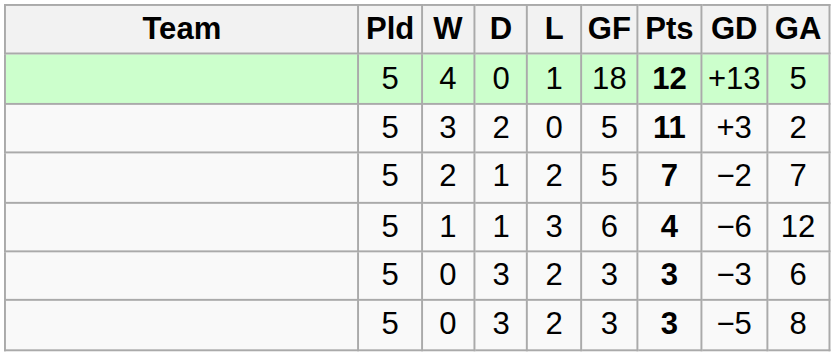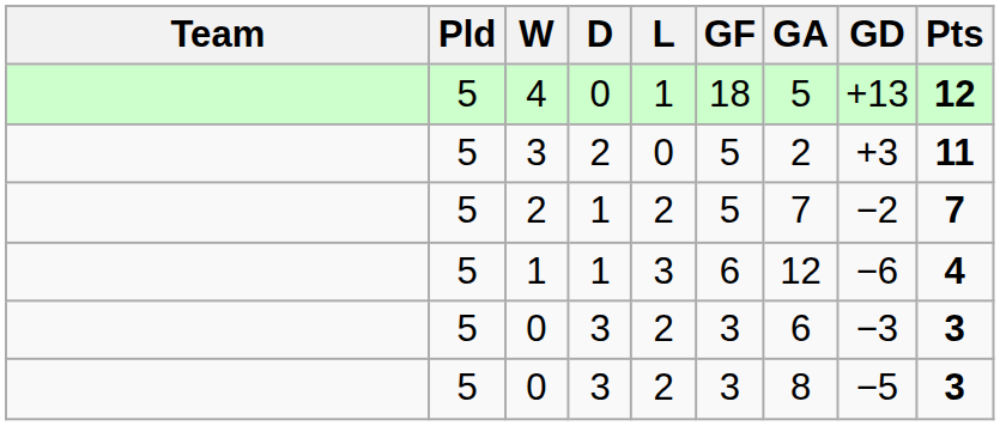 <table class="wikitable" style="text-align:center;">
 <tr>
 <th width=175>Team</th>
 <th width=20 abbr="Played">Pld</th>
 <th width=20 abbr="Won">W</th>
 <th width=20 abbr="Drawn">D</th>
 <th width=20 abbr="Lost">L</th>
 <th width=20 abbr="Goals for">GF</th>
+<th width=20 abbr="Goals against">GA</th>
+<th width=20 abbr="Goal difference">GD</th>
 <th width=20 abbr="Points">Pts</th>
-<th width=20 abbr="Goal difference">GD</th>
-<th width=20 abbr="Goals against">GA</th>
 </tr>
 <tr bgcolor=#ccffcc>
 <td align=left></td>
 <td>5</td>
 <td>4</td>
 <td>0</td>
 <td>1</td>
 <td>18</td>
+<td>5</td>
+<td>+13</td>
 <td><strong>12</strong></td>
-<td>+13</td>
-<td>5</td>
 </tr>
 <tr>
 <td align=left></td>
 <td>5</td>
 <td>3</td>
 <td>2</td>
 <td>0</td>
 <td>5</td>
+<td>2</td>
+<td>+3</td>
 <td><strong>11</strong></td>
-<td>+3</td>
-<td>2</td>
 </tr>
 <tr>
 <td align=left></td>
 <td>5</td>
 <td>2</td>
 <td>1</td>
 <td>2</td>
 <td>5</td>
+<td>7</td>
+<td>−2</td>
 <td><strong>7</strong></td>
-<td>−2</td>
-<td>7</td>
 </tr>
 <tr>
 <td align=left></td>
 <td>5</td>
 <td>1</td>
 <td>1</td>
 <td>3</td>
 <td>6</td>
+<td>12</td>
+<td>−6</td>
 <td><strong>4</strong></td>
-<td>−6</td>
-<td>12</td>
 </tr>
 <tr>
 <td align=left></td>
 <td>5</td>
 <td>0</td>
 <td>3</td>
 <td>2</td>
 <td>3</td>
+<td>6</td>
+<td>−3</td>
 <td><strong>3</strong></td>
-<td>−3</td>
-<td>6</td>
 </tr>
 <tr>
 <td align=left></td>
 <td>5</td>
 <td>0</td>
 <td>3</td>
 <td>2</td>
 <td>3</td>
+<td>8</td>
+<td>−5</td>
 <td><strong>3</strong></td>
-<td>−5</td>
-<td>8</td>
 </tr>
 </table>
